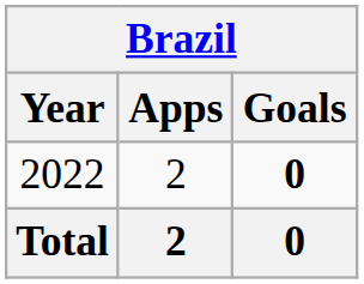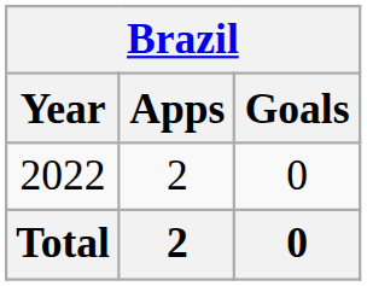 <table class="wikitable" style="text-align:center">
 <tr>
 <th colspan=3><a href='#'>Brazil</a></th>
 </tr>
 <tr>
 <th>Year</th>
 <th>Apps</th>
 <th>Goals</th>
 </tr>
 <tr>
 <td>2022</td>
 <td>2</td>
-<td><strong>0</strong></td>
+<td>0</td>
 </tr>
 <tr>
 <th>Total</th>
 <th>2</th>
 <th>0</th>
 </tr>
 </table>
